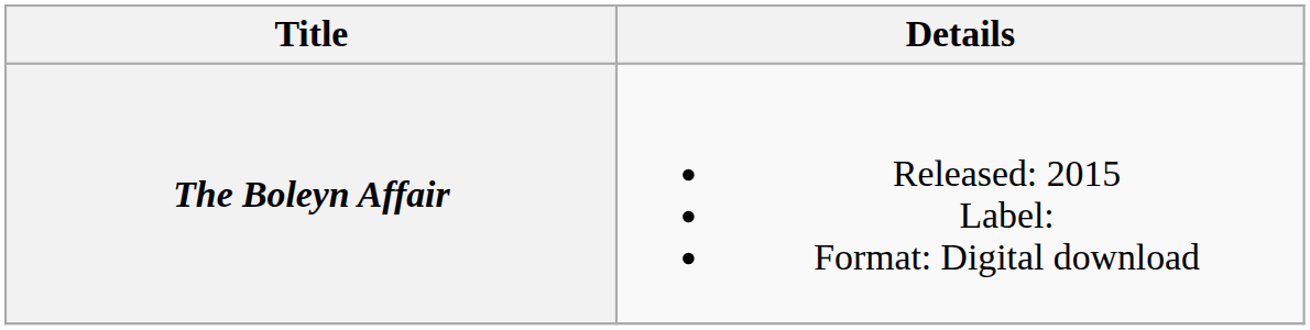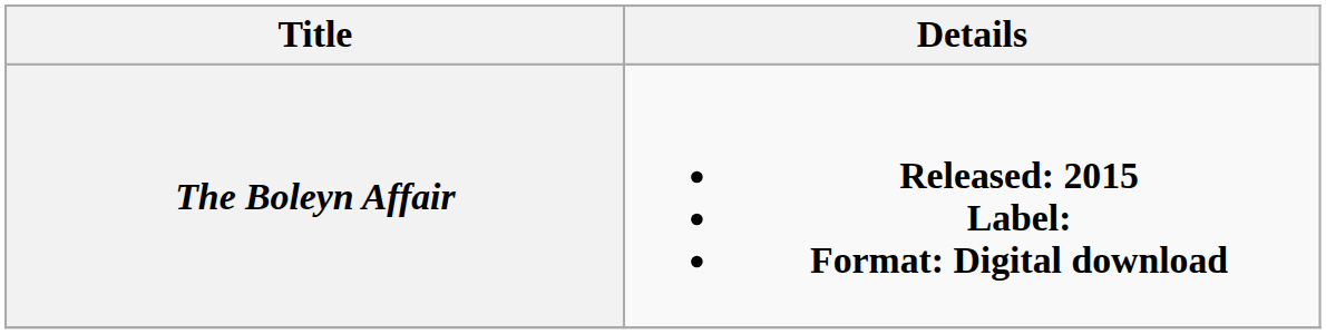 <table class="wikitable plainrowheaders" style="text-align:center;">
 <tr>
 <th scope="col" style="width:16em;">Title</th>
 <th scope="col" style="width:18em;">Details</th>
 </tr>
 <tr>
 <th scope="row"><em>The Boleyn Affair</em></th>
-<td><br><ul><li>Released: 2015</li><li>Label:</li><li>Format: Digital download</li></ul></td>
+<td><strong><br><ul><li>Released: 2015</li><li>Label:</li><li>Format: Digital download</li></ul></strong></td>
 </tr>
 <tr>
 </tr>
 </table>
